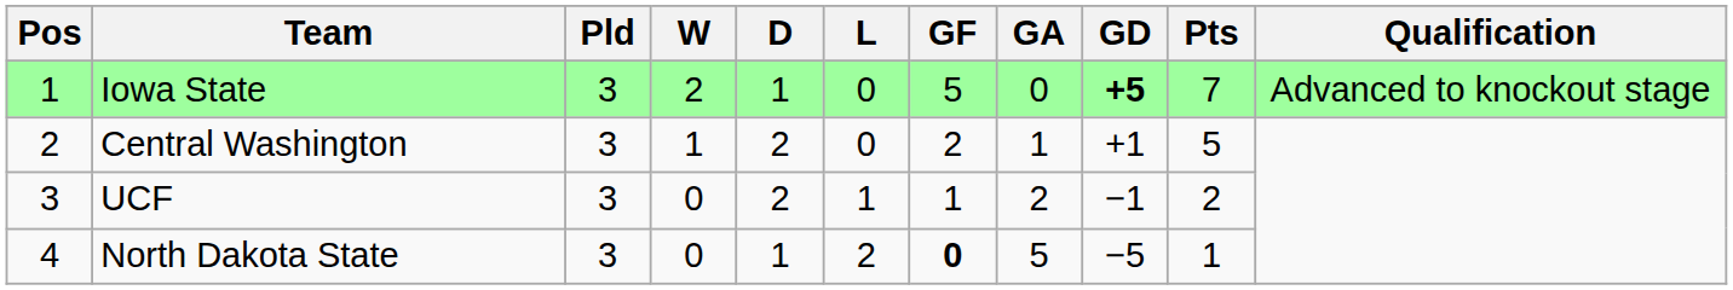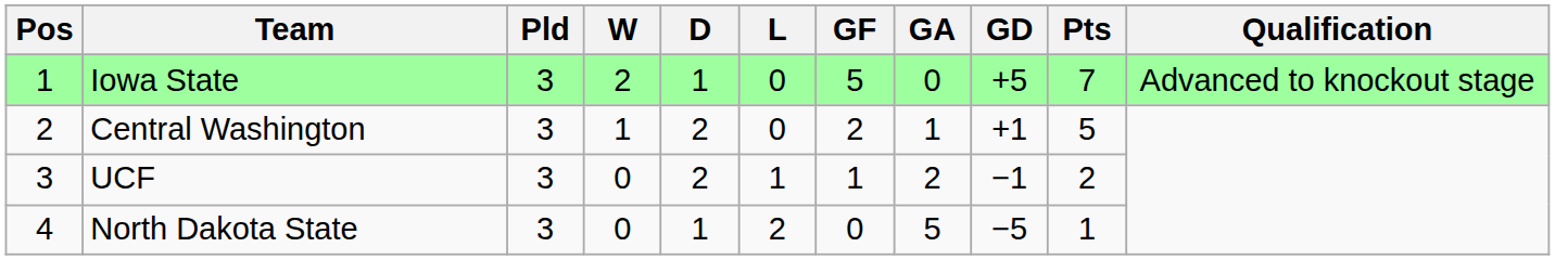 <table class="wikitable" style="text-align:center; margin: 1em auto">
 <tr>
 <th style="width:2em">Pos</th>
 <th style="width:13em">Team</th>
 <th style="width:2em">Pld</th>
 <th style="width:2em">W</th>
 <th style="width:2em">D</th>
 <th style="width:2em">L</th>
 <th style="width:2em">GF</th>
 <th style="width:2em">GA</th>
 <th style="width:2em">GD</th>
 <th style="width:2em">Pts</th>
 <th style="width:13em">Qualification</th>
 </tr>
 <tr bgcolor="#9eff9e">
 <td>1</td>
 <td style="text-align:left">Iowa State</td>
 <td>3</td>
 <td>2</td>
 <td>1</td>
 <td>0</td>
 <td>5</td>
 <td>0</td>
-<td><strong>+5</strong></td>
+<td>+5</td>
 <td>7</td>
 <td>Advanced to knockout stage</td>
 </tr>
 <tr>
 <td>2</td>
 <td style="text-align:left">Central Washington</td>
 <td>3</td>
 <td>1</td>
 <td>2</td>
 <td>0</td>
 <td>2</td>
 <td>1</td>
 <td>+1</td>
 <td>5</td>
 <td rowspan="3"></td>
 </tr>
 <tr>
 <td>3</td>
 <td style="text-align:left">UCF</td>
 <td>3</td>
 <td>0</td>
 <td>2</td>
 <td>1</td>
 <td>1</td>
 <td>2</td>
 <td>−1</td>
 <td>2</td>
 </tr>
 <tr>
 <td>4</td>
 <td style="text-align:left">North Dakota State</td>
 <td>3</td>
 <td>0</td>
 <td>1</td>
 <td>2</td>
-<td><strong>0</strong></td>
+<td>0</td>
 <td>5</td>
 <td>−5</td>
 <td>1</td>
 </tr>
 </table>
